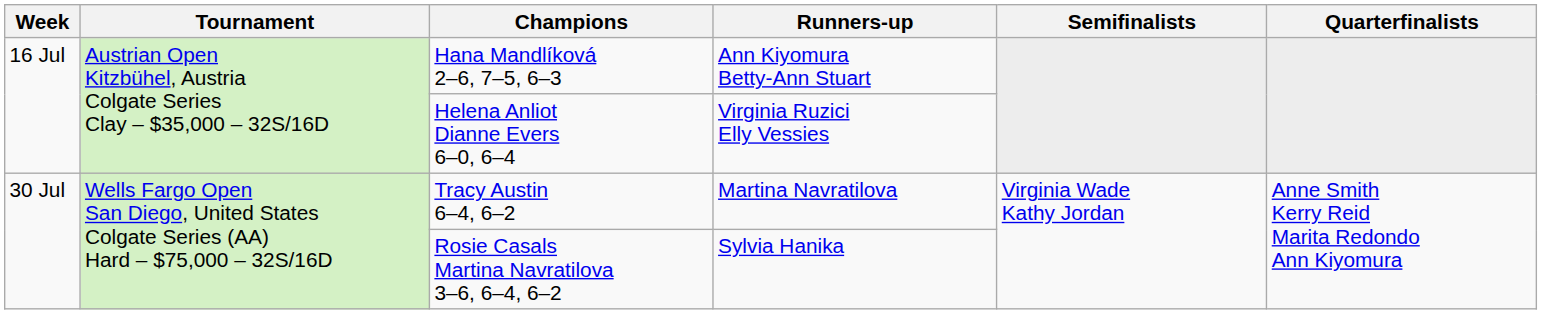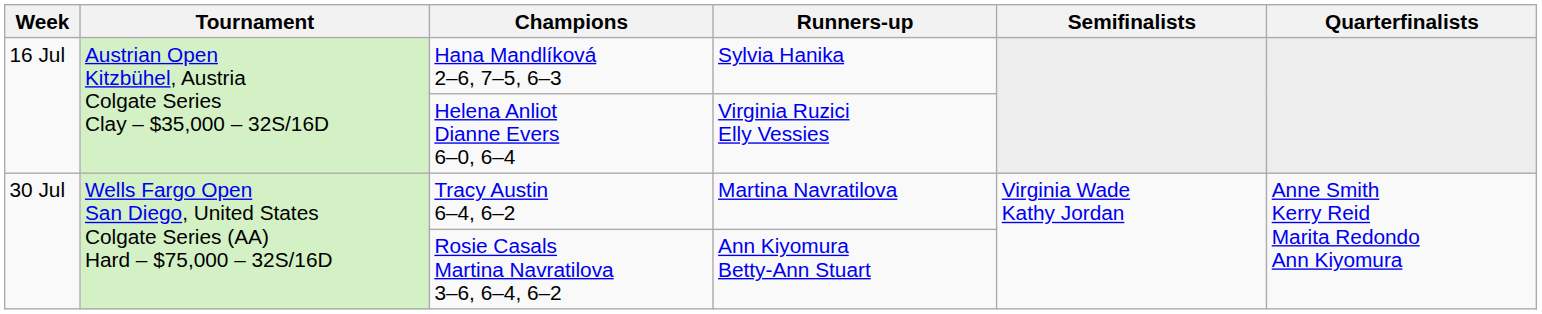 <table class=wikitable style=font-size:95%>
 <tr>
 <th style="width:48px;">Week</th>
 <th style="width:248px;">Tournament</th>
 <th style="width:200px;">Champions</th>
 <th style="width:200px;">Runners-up</th>
 <th style="width:190px;">Semifinalists</th>
 <th style="width:190px;">Quarterfinalists</th>
 </tr>
 <tr valign=top>
 <td rowspan=2>16 Jul</td>
 <td style="background:#D4F1C5;" rowspan="2"><a href='#'>Austrian Open</a><br>  <a href='#'>Kitzbühel</a>, Austria<br>Colgate Series<br>Clay – $35,000 – 32S/16D</td>
 <td> <a href='#'>Hana Mandlíková</a><br>2–6, 7–5, 6–3</td>
-<td> <a href='#'>Ann Kiyomura</a><br>  <a href='#'>Betty-Ann Stuart</a></td>
+<td> <a href='#'>Sylvia Hanika</a></td>
 <td style="background:#ededed;" rowspan=2></td>
 <td style="background:#ededed;" rowspan=2></td>
 </tr>
 <tr valign=top>
 <td> <a href='#'>Helena Anliot</a> <br>  <a href='#'>Dianne Evers</a><br>6–0, 6–4</td>
 <td> <a href='#'>Virginia Ruzici</a><br>  <a href='#'>Elly Vessies</a></td>
 </tr>
 <tr valign=top>
 <td rowspan=2>30 Jul</td>
 <td style="background:#D4F1C5;" rowspan="2"><a href='#'>Wells Fargo Open</a><br>  <a href='#'>San Diego</a>, United States<br>Colgate Series (AA)<br>Hard – $75,000 – 32S/16D</td>
 <td> <a href='#'>Tracy Austin</a><br>6–4, 6–2</td>
 <td> <a href='#'>Martina Navratilova</a></td>
 <td rowspan=2> <a href='#'>Virginia Wade</a><br> <a href='#'>Kathy Jordan</a></td>
 <td rowspan=2> <a href='#'>Anne Smith</a><br>  <a href='#'>Kerry Reid</a><br> <a href='#'>Marita Redondo</a><br>  <a href='#'>Ann Kiyomura</a></td>
 </tr>
 <tr valign=top>
 <td> <a href='#'>Rosie Casals</a><br> <a href='#'>Martina Navratilova</a><br>3–6, 6–4, 6–2</td>
-<td> <a href='#'>Sylvia Hanika</a></td>
+<td> <a href='#'>Ann Kiyomura</a><br>  <a href='#'>Betty-Ann Stuart</a></td>
 </tr>
 </table>
